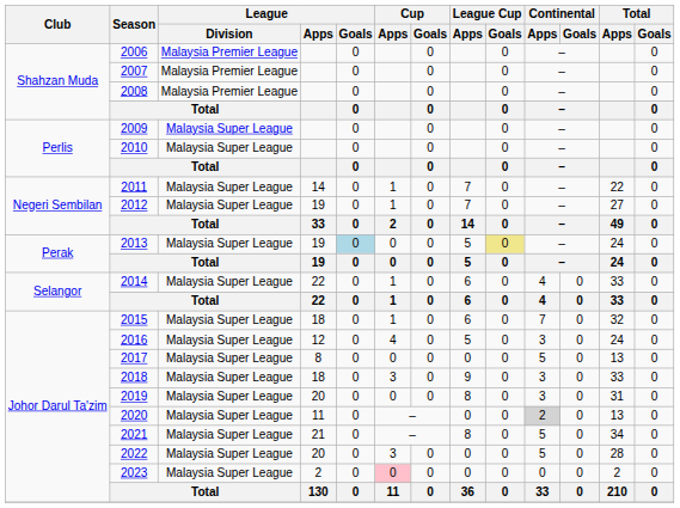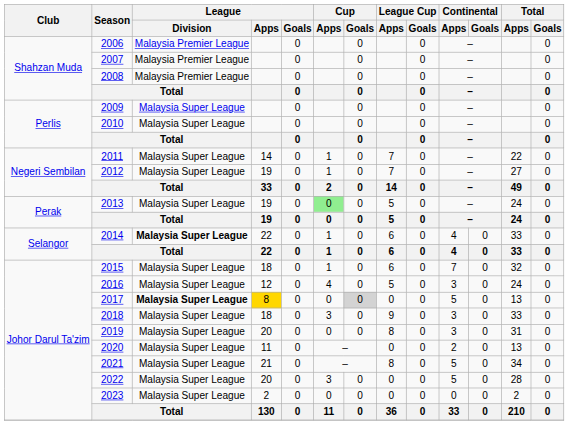 <table class="wikitable" style="text-align:center">
 <tr>
 <th rowspan="2">Club</th>
 <th rowspan="2">Season</th>
 <th colspan="3">League</th>
 <th colspan="2">Cup</th>
 <th colspan="2">League Cup</th>
 <th colspan="2">Continental</th>
 <th colspan="2">Total</th>
 </tr>
 <tr>
 <th>Division</th>
 <th>Apps</th>
 <th>Goals</th>
 <th>Apps</th>
 <th>Goals</th>
 <th>Apps</th>
 <th>Goals</th>
 <th>Apps</th>
 <th>Goals</th>
 <th>Apps</th>
 <th>Goals</th>
 </tr>
 <tr>
 <td rowspan="4" valign="center"><a href='#'>Shahzan Muda</a></td>
 <td><a href='#'>2006</a></td>
 <td><a href='#'>Malaysia Premier League</a></td>
 <td></td>
 <td>0</td>
 <td></td>
 <td>0</td>
 <td></td>
 <td>0</td>
 <td colspan=2>–</td>
 <td></td>
 <td>0</td>
 </tr>
 <tr>
 <td><a href='#'>2007</a></td>
 <td>Malaysia Premier League</td>
 <td></td>
 <td>0</td>
 <td></td>
 <td>0</td>
 <td></td>
 <td>0</td>
 <td colspan=2>–</td>
 <td></td>
 <td>0</td>
 </tr>
 <tr>
 <td><a href='#'>2008</a></td>
 <td>Malaysia Premier League</td>
 <td></td>
 <td>0</td>
 <td></td>
 <td>0</td>
 <td></td>
 <td>0</td>
 <td colspan=2>–</td>
 <td></td>
 <td>0</td>
 </tr>
 <tr>
 <th colspan=2>Total</th>
 <th></th>
 <th>0</th>
 <th></th>
 <th>0</th>
 <th></th>
 <th>0</th>
 <th colspan=2>–</th>
 <th></th>
 <th>0</th>
 </tr>
 <tr>
 <td rowspan="3" valign="center"><a href='#'>Perlis</a></td>
 <td><a href='#'>2009</a></td>
 <td><a href='#'>Malaysia Super League</a></td>
 <td></td>
 <td>0</td>
 <td></td>
 <td>0</td>
 <td></td>
 <td>0</td>
 <td colspan=2>–</td>
 <td></td>
 <td>0</td>
 </tr>
 <tr>
 <td><a href='#'>2010</a></td>
 <td>Malaysia Super League</td>
 <td></td>
 <td>0</td>
 <td></td>
 <td>0</td>
 <td></td>
 <td>0</td>
 <td colspan=2>–</td>
 <td></td>
 <td>0</td>
 </tr>
 <tr>
 <th colspan=2>Total</th>
 <th></th>
 <th>0</th>
 <th></th>
 <th>0</th>
 <th></th>
 <th>0</th>
 <th colspan=2>–</th>
 <th></th>
 <th>0</th>
 </tr>
 <tr>
 <td rowspan="3" valign="center"><a href='#'>Negeri Sembilan</a></td>
 <td><a href='#'>2011</a></td>
 <td>Malaysia Super League</td>
 <td>14</td>
 <td>0</td>
 <td>1</td>
 <td>0</td>
 <td>7</td>
 <td>0</td>
 <td colspan=2>–</td>
 <td>22</td>
 <td>0</td>
 </tr>
 <tr>
 <td><a href='#'>2012</a></td>
 <td>Malaysia Super League</td>
 <td>19</td>
 <td>0</td>
 <td>1</td>
 <td>0</td>
 <td>7</td>
 <td>0</td>
 <td colspan=2>–</td>
 <td>27</td>
 <td>0</td>
 </tr>
 <tr>
 <th colspan=2>Total</th>
 <th>33</th>
 <th>0</th>
 <th>2</th>
 <th>0</th>
 <th>14</th>
 <th>0</th>
 <th colspan=2>–</th>
 <th>49</th>
 <th>0</th>
 </tr>
 <tr>
 <td rowspan="2" valign="center"><a href='#'>Perak</a></td>
 <td><a href='#'>2013</a></td>
 <td>Malaysia Super League</td>
 <td>19</td>
-<td style="background: lightblue;">0</td>
 <td>0</td>
+<td style="background: lightgreen;">0</td>
 <td>0</td>
 <td>5</td>
-<td style="background: khaki;">0</td>
+<td>0</td>
 <td colspan=2>–</td>
 <td>24</td>
 <td>0</td>
 </tr>
 <tr>
 <th colspan=2>Total</th>
 <th>19</th>
 <th>0</th>
 <th>0</th>
 <th>0</th>
 <th>5</th>
 <th>0</th>
 <th colspan=2>–</th>
 <th>24</th>
 <th>0</th>
 </tr>
 <tr>
 <td rowspan="2" valign="center"><a href='#'>Selangor</a></td>
 <td><a href='#'>2014</a></td>
-<td>Malaysia Super League</td>
+<td><strong>Malaysia Super League</strong></td>
 <td>22</td>
 <td>0</td>
 <td>1</td>
 <td>0</td>
 <td>6</td>
 <td>0</td>
 <td>4</td>
 <td>0</td>
 <td>33</td>
 <td>0</td>
 </tr>
 <tr>
 <th colspan=2>Total</th>
 <th>22</th>
 <th>0</th>
 <th>1</th>
 <th>0</th>
 <th>6</th>
 <th>0</th>
 <th>4</th>
 <th>0</th>
 <th>33</th>
 <th>0</th>
 </tr>
 <tr>
 <td rowspan="10" valign="center"><a href='#'>Johor Darul Ta'zim</a></td>
 <td><a href='#'>2015</a></td>
 <td>Malaysia Super League</td>
 <td>18</td>
 <td>0</td>
 <td>1</td>
 <td>0</td>
 <td>6</td>
 <td>0</td>
 <td>7</td>
 <td>0</td>
 <td>32</td>
 <td>0</td>
 </tr>
 <tr>
 <td><a href='#'>2016</a></td>
 <td>Malaysia Super League</td>
 <td>12</td>
 <td>0</td>
 <td>4</td>
 <td>0</td>
 <td>5</td>
 <td>0</td>
 <td>3</td>
 <td>0</td>
 <td>24</td>
 <td>0</td>
 </tr>
 <tr>
 <td><a href='#'>2017</a></td>
-<td>Malaysia Super League</td>
-<td>8</td>
+<td><strong>Malaysia Super League</strong></td>
+<td style="background: gold;">8</td>
 <td>0</td>
 <td>0</td>
-<td>0</td>
+<td style="background: lightgrey;">0</td>
 <td>0</td>
 <td>0</td>
 <td>5</td>
 <td>0</td>
 <td>13</td>
 <td>0</td>
 </tr>
 <tr>
 <td><a href='#'>2018</a></td>
 <td>Malaysia Super League</td>
 <td>18</td>
 <td>0</td>
 <td>3</td>
 <td>0</td>
 <td>9</td>
 <td>0</td>
 <td>3</td>
 <td>0</td>
 <td>33</td>
 <td>0</td>
 </tr>
 <tr>
 <td><a href='#'>2019</a></td>
 <td>Malaysia Super League</td>
 <td>20</td>
 <td>0</td>
 <td>0</td>
 <td>0</td>
 <td>8</td>
 <td>0</td>
 <td>3</td>
 <td>0</td>
 <td>31</td>
 <td>0</td>
 </tr>
 <tr>
 <td><a href='#'>2020</a></td>
 <td>Malaysia Super League</td>
 <td>11</td>
 <td>0</td>
 <td colspan=2>–</td>
 <td>0</td>
 <td>0</td>
-<td style="background: lightgrey;">2</td>
+<td>2</td>
 <td>0</td>
 <td>13</td>
 <td>0</td>
 </tr>
 <tr>
 <td><a href='#'>2021</a></td>
 <td>Malaysia Super League</td>
 <td>21</td>
 <td>0</td>
 <td colspan=2>–</td>
 <td>8</td>
 <td>0</td>
 <td>5</td>
 <td>0</td>
 <td>34</td>
 <td>0</td>
 </tr>
 <tr>
 <td><a href='#'>2022</a></td>
 <td>Malaysia Super League</td>
 <td>20</td>
 <td>0</td>
 <td>3</td>
 <td>0</td>
 <td>0</td>
 <td>0</td>
 <td>5</td>
 <td>0</td>
 <td>28</td>
 <td>0</td>
 </tr>
 <tr>
 <td><a href='#'>2023</a></td>
 <td>Malaysia Super League</td>
 <td>2</td>
 <td>0</td>
-<td style="background: pink;">0</td>
+<td>0</td>
 <td>0</td>
 <td>0</td>
 <td>0</td>
 <td>0</td>
 <td>0</td>
 <td>2</td>
 <td>0</td>
 </tr>
 <tr>
 <th colspan=2>Total</th>
 <th>130</th>
 <th>0</th>
 <th>11</th>
 <th>0</th>
 <th>36</th>
 <th>0</th>
 <th>33</th>
 <th>0</th>
 <th>210</th>
 <th>0</th>
 </tr>
 <tr>
 </tr>
 </table>
